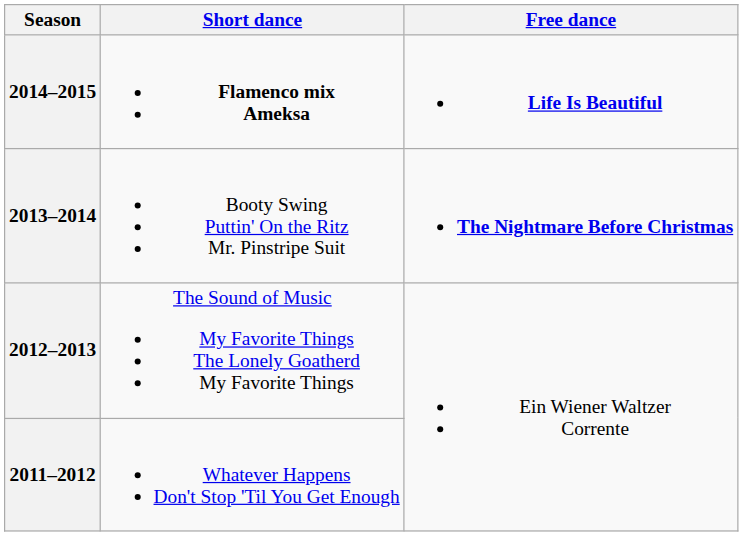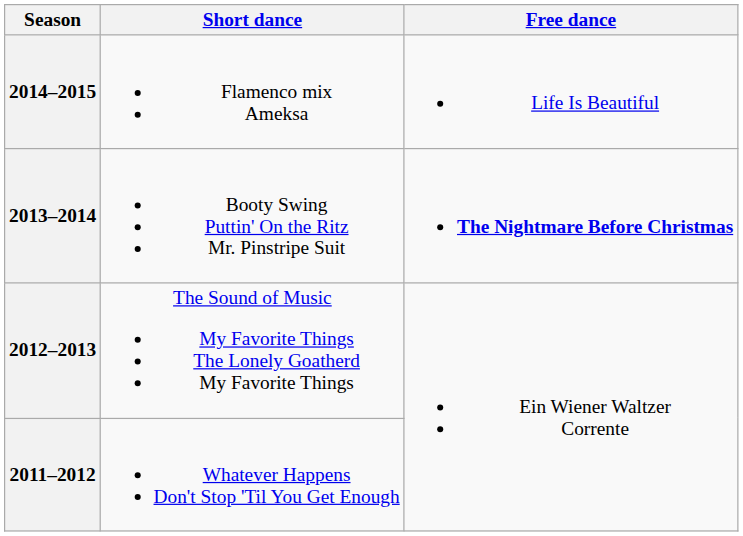 <table class=wikitable style=text-align:center>
 <tr>
 <th>Season</th>
 <th><a href='#'>Short dance</a></th>
 <th><a href='#'>Free dance</a></th>
 </tr>
 <tr>
 <th>2014–2015 <br> </th>
-<td><strong><br><ul><li>Flamenco mix <br></li><li> Ameksa <br></li></ul></strong></td>
-<td><strong><br><ul><li><a href='#'>Life Is Beautiful</a> <br></li></ul></strong></td>
+<td><br><ul><li>Flamenco mix <br></li><li> Ameksa <br></li></ul></td>
+<td><br><ul><li><a href='#'>Life Is Beautiful</a> <br></li></ul></td>
 </tr>
 <tr>
 <th>2013–2014 <br> </th>
 <td><br><ul><li> Booty Swing <br></li><li> <a href='#'>Puttin' On the Ritz</a> <br></li><li> Mr. Pinstripe Suit <br></li></ul></td>
 <td><strong><br><ul><li><a href='#'>The Nightmare Before Christmas</a> <br></li></ul></strong></td>
 </tr>
 <tr>
 <th>2012–2013 <br> </th>
 <td><a href='#'>The Sound of Music</a><br><ul><li> <a href='#'>My Favorite Things</a> <br></li><li> <a href='#'>The Lonely Goatherd</a></li><li> My Favorite Things <br></li></ul></td>
 <td rowspan=2><br><ul><li>Ein Wiener Waltzer <br></li><li>Corrente <br></li></ul></td>
 </tr>
 <tr>
 <th>2011–2012 <br> </th>
 <td><br><ul><li> <a href='#'>Whatever Happens</a></li><li> <a href='#'>Don't Stop 'Til You Get Enough</a> <br></li></ul></td>
 </tr>
 </table>
